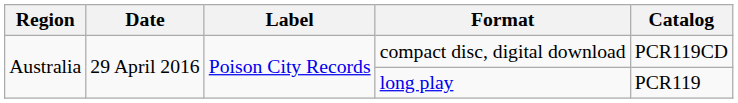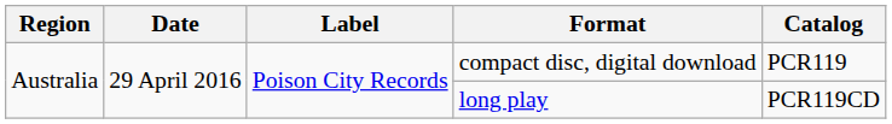 <table class="wikitable">
 <tr>
 <th>Region</th>
 <th>Date</th>
 <th>Label</th>
 <th>Format</th>
 <th>Catalog</th>
 </tr>
 <tr>
 <td rowspan="2">Australia</td>
 <td rowspan="2">29 April 2016</td>
 <td rowspan="2"><a href='#'>Poison City Records</a></td>
 <td>compact disc, digital download</td>
-<td>PCR119CD</td>
+<td>PCR119</td>
 </tr>
 <tr>
 <td><a href='#'>long play</a></td>
-<td>PCR119</td>
+<td>PCR119CD</td>
 </tr>
 </table>
